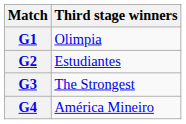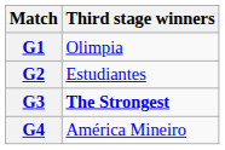 <table class="wikitable">
 <tr>
 <th>Match</th>
 <th>Third stage winners</th>
 </tr>
 <tr>
 <th><a href='#'>G1</a></th>
 <td> <a href='#'>Olimpia</a></td>
 </tr>
 <tr>
 <th><a href='#'>G2</a></th>
 <td> <a href='#'>Estudiantes</a></td>
 </tr>
 <tr>
 <th><a href='#'>G3</a></th>
-<td> <a href='#'>The Strongest</a></td>
+<td><strong> <a href='#'>The Strongest</a></strong></td>
 </tr>
 <tr>
 <th><a href='#'>G4</a></th>
 <td> <a href='#'>América Mineiro</a></td>
 </tr>
 </table>
